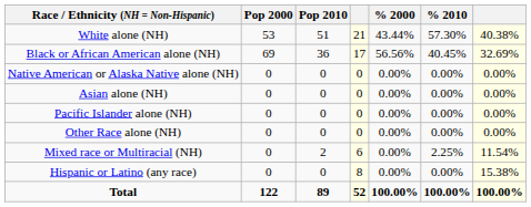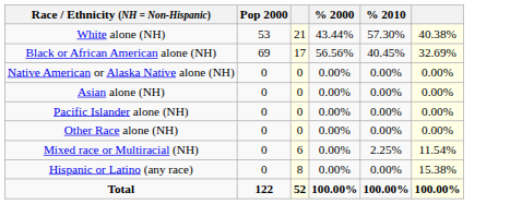 <table class="wikitable" style="text-align:center;">
 <tr>
 <th>Race / Ethnicity <small>(<em>NH = Non-Hispanic</em>)</small></th>
 <th>Pop 2000</th>
-<th>Pop 2010</th>
 <th></th>
 <th>% 2000</th>
 <th>% 2010</th>
 <th></th>
 </tr>
 <tr>
 <td><a href='#'>White</a> alone (NH)</td>
 <td>53</td>
-<td>51</td>
 <td style='background: #ffffe6;'>21</td>
 <td>43.44%</td>
 <td>57.30%</td>
 <td style='background: #ffffe6;'>40.38%</td>
 </tr>
 <tr>
 <td><a href='#'>Black or African American</a> alone (NH)</td>
 <td>69</td>
-<td>36</td>
 <td style='background: #ffffe6;'>17</td>
 <td>56.56%</td>
 <td>40.45%</td>
 <td style='background: #ffffe6;'>32.69%</td>
 </tr>
 <tr>
 <td><a href='#'>Native American</a> or <a href='#'>Alaska Native</a> alone (NH)</td>
-<td>0</td>
 <td>0</td>
 <td style='background: #ffffe6;'>0</td>
 <td>0.00%</td>
 <td>0.00%</td>
 <td style='background: #ffffe6;'>0.00%</td>
 </tr>
 <tr>
 <td><a href='#'>Asian</a> alone (NH)</td>
 <td>0</td>
-<td>0</td>
 <td style='background: #ffffe6;'>0</td>
 <td>0.00%</td>
 <td>0.00%</td>
 <td style='background: #ffffe6;'>0.00%</td>
 </tr>
 <tr>
 <td><a href='#'>Pacific Islander</a> alone (NH)</td>
-<td>0</td>
 <td>0</td>
 <td style='background: #ffffe6;'>0</td>
 <td>0.00%</td>
 <td>0.00%</td>
 <td style='background: #ffffe6;'>0.00%</td>
 </tr>
 <tr>
 <td><a href='#'>Other Race</a> alone (NH)</td>
 <td>0</td>
-<td>0</td>
 <td style='background: #ffffe6;'>0</td>
 <td>0.00%</td>
 <td>0.00%</td>
 <td style='background: #ffffe6;'>0.00%</td>
 </tr>
 <tr>
 <td><a href='#'>Mixed race or Multiracial</a> (NH)</td>
 <td>0</td>
-<td>2</td>
 <td style='background: #ffffe6;'>6</td>
 <td>0.00%</td>
 <td>2.25%</td>
 <td style='background: #ffffe6;'>11.54%</td>
 </tr>
 <tr>
 <td><a href='#'>Hispanic or Latino</a> (any race)</td>
-<td>0</td>
 <td>0</td>
 <td style='background: #ffffe6;'>8</td>
 <td>0.00%</td>
 <td>0.00%</td>
 <td style='background: #ffffe6;'>15.38%</td>
 </tr>
 <tr>
 <td><strong>Total</strong></td>
 <td><strong>122</strong></td>
-<td><strong>89</strong></td>
 <td style='background: #ffffe6;'><strong>52</strong></td>
 <td><strong>100.00%</strong></td>
 <td><strong>100.00%</strong></td>
 <td style='background: #ffffe6;'><strong>100.00%</strong></td>
 </tr>
 </table>
